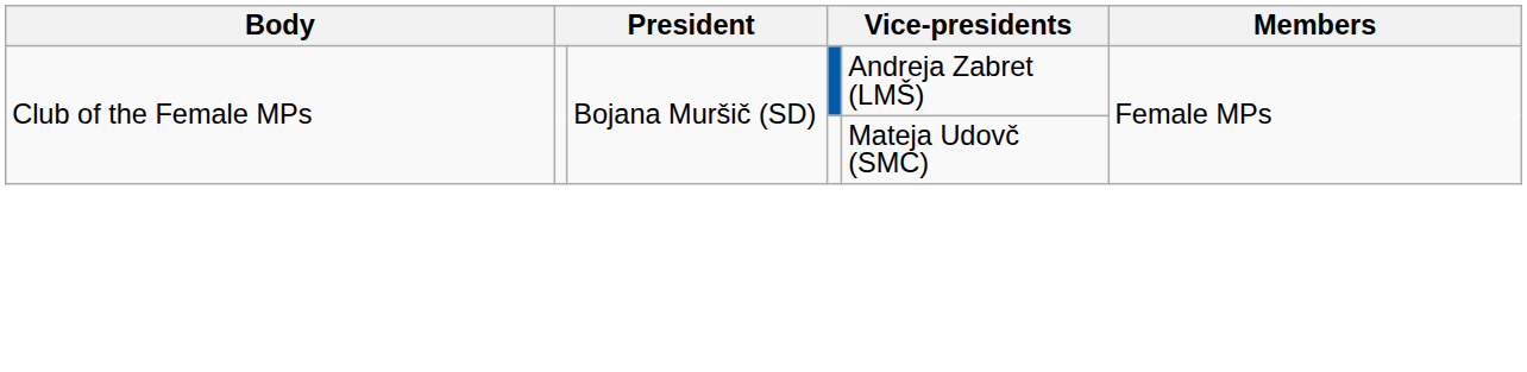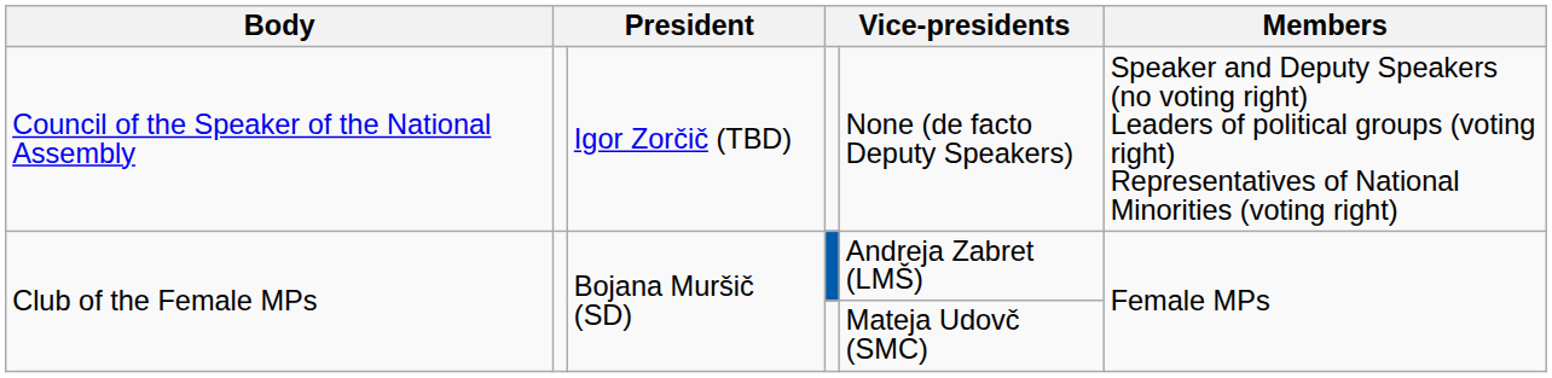 <table class="wikitable" style="line-height:16px;">
 <tr>
 <th style="width:500px;">Body</th>
 <th colspan="2" style="width:200px;">President</th>
 <th colspan="2" style="width:200px;">Vice-presidents</th>
 <th style="width:350px;">Members</th>
+</tr>
+<tr>
+<td><a href='#'>Council of the Speaker of the National Assembly</a></td>
+<td style="width:1px;"></td>
+<td style="width:200px;"><a href='#'>Igor Zorčič</a> (TBD)</td>
+<td style="width:1px;"></td>
+<td>None (de facto Deputy Speakers)</td>
+<td>Speaker and Deputy Speakers (no voting right)<br>Leaders of political groups (voting right)<br>Representatives of National Minorities (voting right)</td>
 </tr>
 <tr>
 <td rowspan="2">Club of the Female MPs</td>
 <td rowspan="2" style="background:"></td>
 <td rowspan="2" style="width:200px;">Bojana Muršič (SD)</td>
 <td style="width:1px; background:#005bab"></td>
 <td style="width:200px;">Andreja Zabret (LMŠ)</td>
 <td rowspan="2">Female MPs</td>
 </tr>
 <tr>
 <td style="background:"></td>
 <td>Mateja Udovč (SMC)</td>
 </tr>
 </table>
